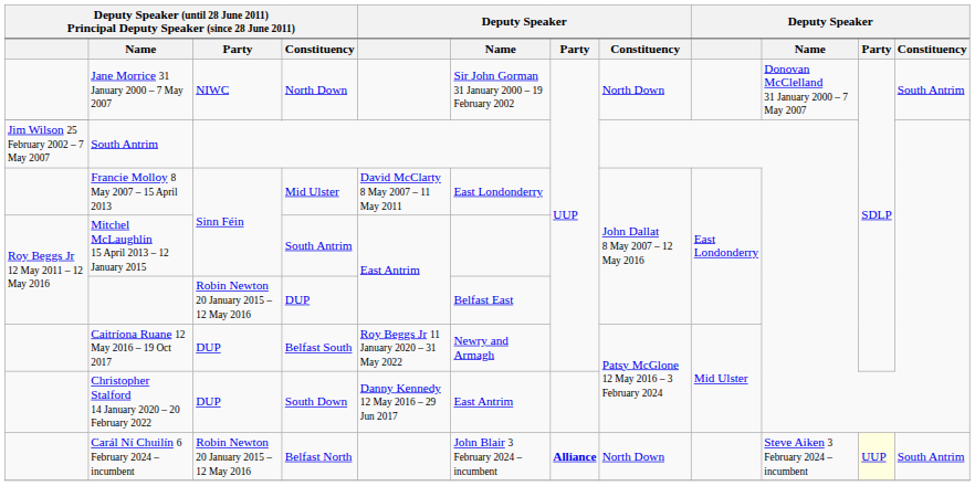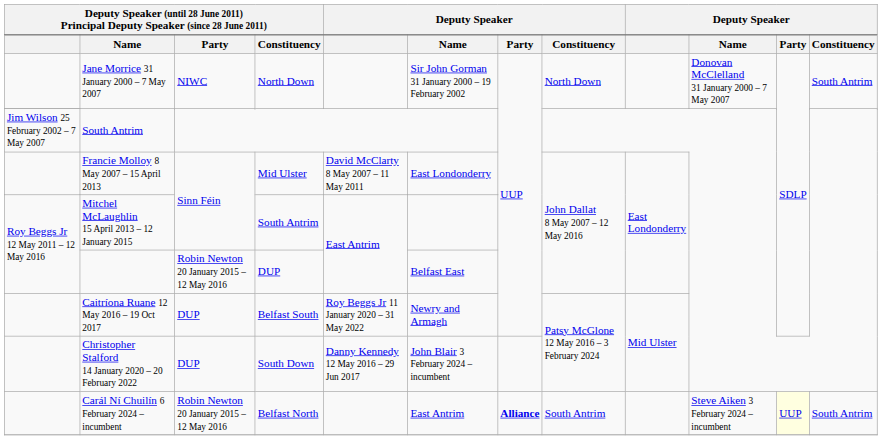 <table class="wikitable">
 <tr style="border-bottom: 2px solid gray;">
 <th colspan="4">Deputy Speaker <small> (until 28 June 2011)</small><br> Principal Deputy Speaker <small> (since 28 June 2011)</small></th>
 <th colspan="4">Deputy Speaker</th>
 <th colspan="4">Deputy Speaker</th>
 </tr>
 <tr>
 <th colspan="1"></th>
 <th>Name</th>
 <th>Party</th>
 <th>Constituency</th>
 <th colspan="1"></th>
 <th>Name</th>
 <th>Party</th>
 <th>Constituency</th>
 <th colspan="1"></th>
 <th>Name</th>
 <th>Party</th>
 <th>Constituency</th>
 </tr>
 <tr>
 <td style="background:"></td>
 <td rowspan="2"><a href='#'>Jane Morrice</a> <small>31 January 2000 – 7 May 2007</small></td>
 <td rowspan="2"><a href='#'>NIWC</a></td>
 <td rowspan="2"><a href='#'>North Down</a></td>
 <td style="background:"></td>
 <td><a href='#'>Sir John Gorman</a><br><small>31 January 2000 – 19 February 2002 </small></td>
 <td rowspan="8"><a href='#'>UUP</a></td>
 <td><a href='#'>North Down</a></td>
 <td style="background:"></td>
 <td rowspan="2"><a href='#'>Donovan McClelland</a> <br> <small>31 January 2000 – 7 May 2007 </small></td>
 <td rowspan="8"><a href='#'>SDLP</a></td>
 <td rowspan="2"><a href='#'>South Antrim</a></td>
 </tr>
 <tr>
 </tr>
 <tr>
 <td><a href='#'>Jim Wilson</a> <small>25 February 2002 – 7 May 2007</small></td>
 <td><a href='#'>South Antrim</a></td>
 </tr>
 <tr>
 <td style="background:"></td>
 <td rowspan="2"><a href='#'>Francie Molloy</a> <small>8 May 2007 – 15 April 2013 </small></td>
 <td rowspan="3"><a href='#'>Sinn Féin</a></td>
 <td rowspan="2"><a href='#'>Mid Ulster</a></td>
 <td><a href='#'>David McClarty</a> <small>	8 May 2007 – 11 May 2011 </small></td>
 <td><a href='#'>East Londonderry</a></td>
 <td rowspan="4"><a href='#'>John Dallat</a> <br><small>8 May 2007 – 12 May 2016 </small></td>
 <td rowspan="4"><a href='#'>East<br> Londonderry</a></td>
 </tr>
 <tr>
 <td rowspan="3"><a href='#'>Roy Beggs Jr</a> <small>12 May 2011 – 12 May 2016 </small></td>
 <td rowspan="3"><a href='#'>East Antrim</a></td>
 </tr>
 <tr>
 <td><a href='#'>Mitchel McLaughlin</a><br><small>15 April 2013 – 12 January 2015 </small></td>
 <td><a href='#'>South Antrim</a></td>
 </tr>
 <tr>
 <td style="background:"></td>
 <td><a href='#'>Robin Newton</a> <small>20 January 2015 – 12 May 2016</small></td>
 <td><a href='#'>DUP</a></td>
 <td><a href='#'>Belfast East</a></td>
 </tr>
 <tr>
 <td style="background:"></td>
 <td><a href='#'>Caitríona Ruane</a> <small>12 May 2016 – 19 Oct 2017</small></td>
 <td><a href='#'>DUP</a></td>
 <td><a href='#'>Belfast South</a></td>
 <td><a href='#'>Roy Beggs Jr</a> <small>11 January 2020 – 31 May 2022</small></td>
 <td><a href='#'>Newry and Armagh</a></td>
 <td rowspan="2"><a href='#'>Patsy McGlone</a><br><small>12 May 2016 – 3 February 2024</small></td>
 <td rowspan="2"><a href='#'>Mid Ulster</a></td>
 </tr>
 <tr>
 <td style="background:"></td>
 <td><a href='#'>Christopher Stalford</a><br><small>14 January 2020 – 20 February 2022</small></td>
 <td><a href='#'>DUP</a></td>
 <td><a href='#'>South Down</a></td>
 <td><a href='#'>Danny Kennedy</a> <small>12 May 2016 – 29 Jun 2017</small></td>
-<td><a href='#'>East Antrim</a></td>
+<td><a href='#'>John Blair</a> <small>3 February 2024 – incumbent</small></td>
 </tr>
 <tr>
 <td style="background:"></td>
 <td><a href='#'>Carál Ní Chuilín</a> <small>6 February 2024 – incumbent</small></td>
 <td><a href='#'>Robin Newton</a> <small>20 January 2015 – 12 May 2016</small></td>
 <td><a href='#'>Belfast North</a></td>
 <td style="background:"></td>
-<td><a href='#'>John Blair</a> <small>3 February 2024 – incumbent</small></td>
+<td><a href='#'>East Antrim</a></td>
 <td><strong><a href='#'>Alliance</a></strong></td>
-<td><a href='#'>North Down</a></td>
+<td><a href='#'>South Antrim</a></td>
 <td style="background:"></td>
 <td><a href='#'>Steve Aiken</a> <small>3 February 2024 – incumbent</small></td>
 <td style="background: lightyellow;"><a href='#'>UUP</a></td>
 <td><a href='#'>South Antrim</a></td>
 </tr>
 <tr>
 </tr>
 </table>
